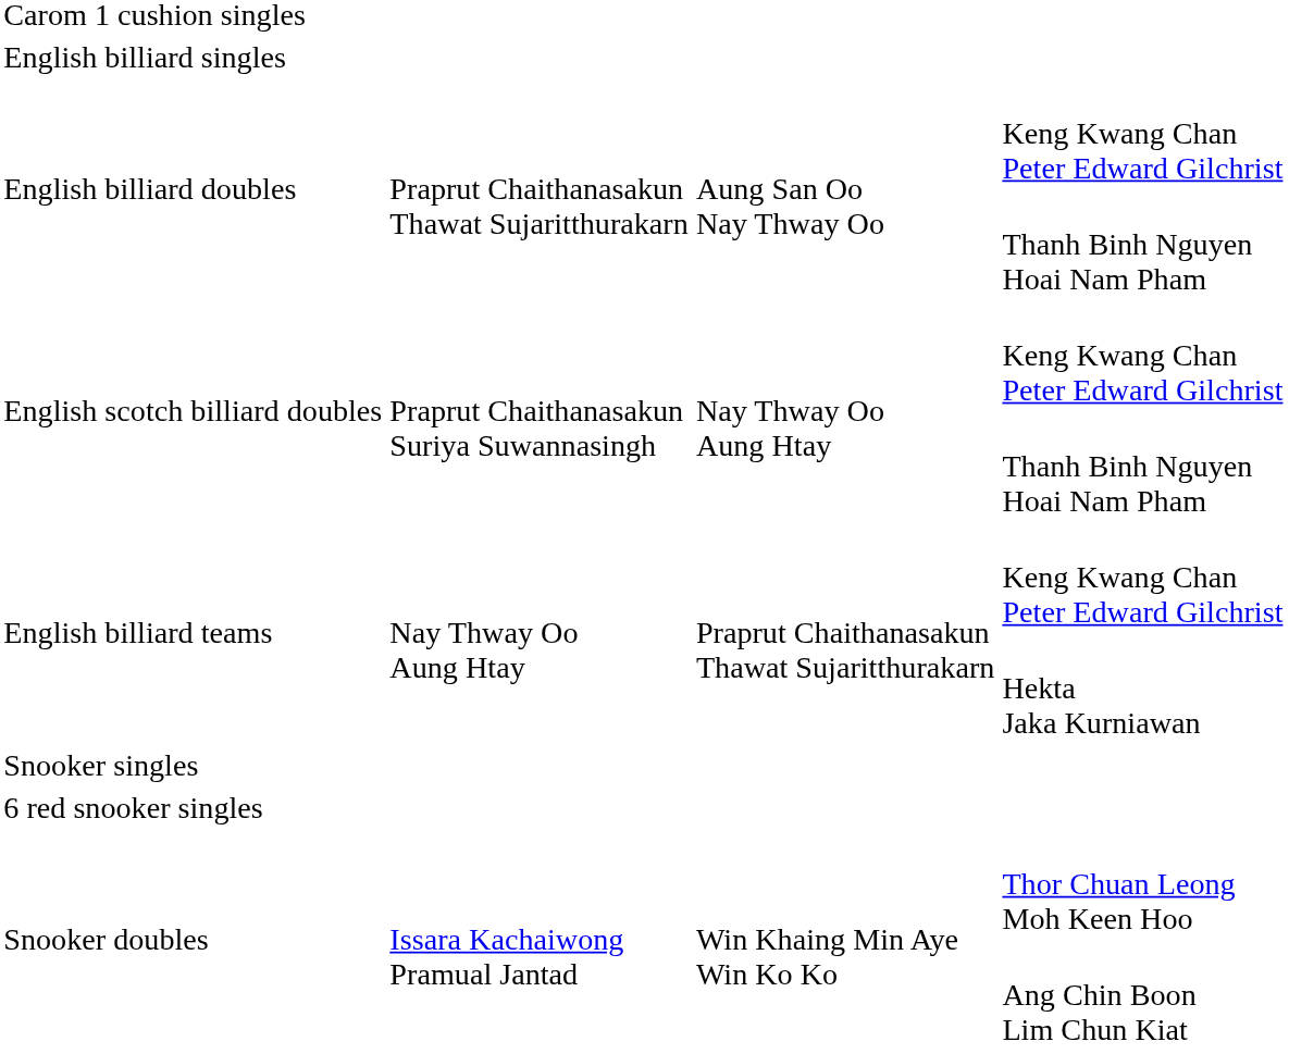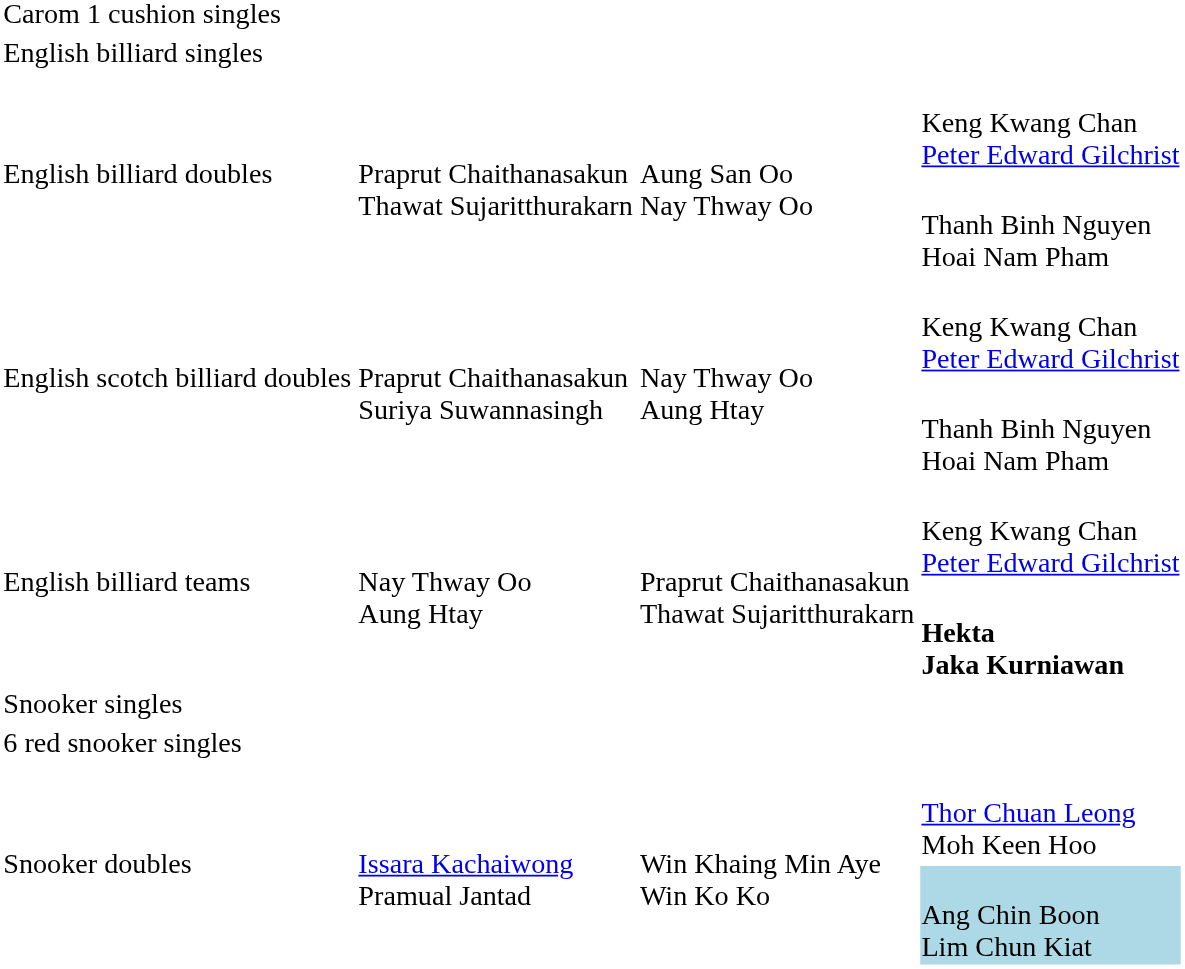 <table>
 <tr>
 <td rowspan=2>Carom 1 cushion singles</td>
 <td rowspan=2></td>
 <td rowspan=2></td>
 <td></td>
 </tr>
 <tr>
 <td></td>
 </tr>
 <tr>
 <td rowspan=2>English billiard singles</td>
 <td rowspan=2></td>
 <td rowspan=2></td>
 <td></td>
 </tr>
 <tr>
 <td></td>
 </tr>
 <tr>
 <td rowspan=2>English billiard doubles</td>
 <td rowspan=2><br>Praprut Chaithanasakun<br>Thawat Sujaritthurakarn</td>
 <td rowspan=2><br>Aung San Oo<br>Nay Thway Oo</td>
 <td><br>Keng Kwang Chan<br><a href='#'>Peter Edward Gilchrist</a></td>
 </tr>
 <tr>
 <td><br>Thanh Binh Nguyen<br>Hoai Nam Pham</td>
 </tr>
 <tr>
 <td rowspan=2>English scotch billiard doubles</td>
 <td rowspan=2><br>Praprut Chaithanasakun<br>Suriya Suwannasingh</td>
 <td rowspan=2><br>Nay Thway Oo<br>Aung Htay</td>
 <td><br>Keng Kwang Chan<br><a href='#'>Peter Edward Gilchrist</a></td>
 </tr>
 <tr>
 <td><br>Thanh Binh Nguyen<br>Hoai Nam Pham</td>
 </tr>
 <tr>
 <td rowspan=2>English billiard teams</td>
 <td rowspan=2><br>Nay Thway Oo<br>Aung Htay</td>
 <td rowspan=2><br>Praprut Chaithanasakun<br>Thawat Sujaritthurakarn</td>
 <td><br>Keng Kwang Chan<br><a href='#'>Peter Edward Gilchrist</a></td>
 </tr>
 <tr>
-<td><br>Hekta<br>Jaka Kurniawan</td>
+<td><strong><br>Hekta<br>Jaka Kurniawan</strong></td>
 </tr>
 <tr>
 <td rowspan=2>Snooker singles</td>
 <td rowspan=2></td>
 <td rowspan=2></td>
 <td></td>
 </tr>
 <tr>
 <td></td>
 </tr>
 <tr>
 <td rowspan=2>6 red snooker singles</td>
 <td rowspan=2></td>
 <td rowspan=2></td>
 <td></td>
 </tr>
 <tr>
 <td></td>
 </tr>
 <tr>
 <td rowspan=2>Snooker doubles</td>
 <td rowspan=2><br><a href='#'>Issara Kachaiwong</a><br>Pramual Jantad</td>
 <td rowspan=2><br>Win Khaing Min Aye<br>Win Ko Ko</td>
 <td><br><a href='#'>Thor Chuan Leong</a><br>Moh Keen Hoo</td>
 </tr>
 <tr>
-<td><br>Ang Chin Boon<br>Lim Chun Kiat</td>
+<td style="background: lightblue;"><br>Ang Chin Boon<br>Lim Chun Kiat</td>
 </tr>
 </table>
